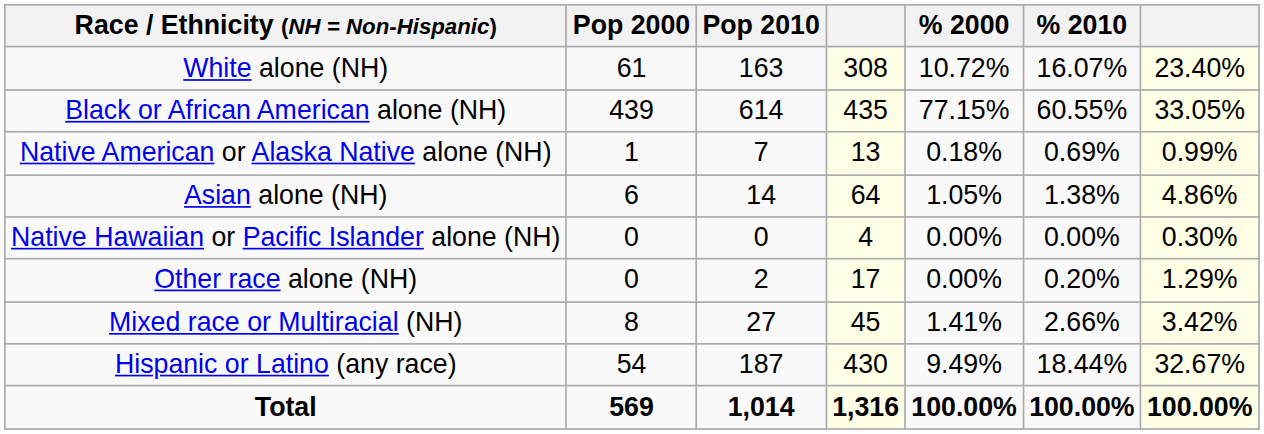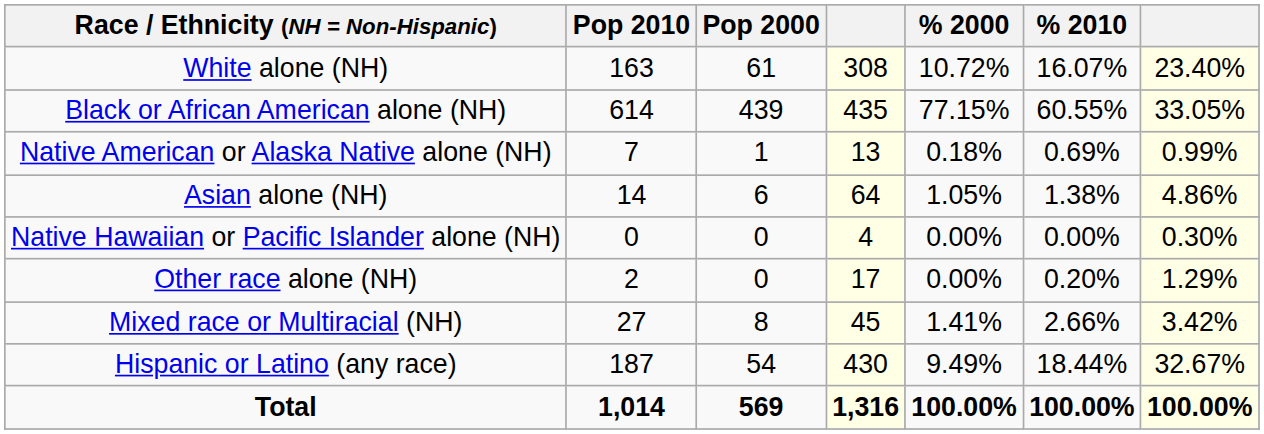 <table class="wikitable"  style="text-align:center;">
 <tr>
 <th>Race / Ethnicity <small>(<em>NH = Non-Hispanic</em>)</small></th>
+<th>Pop 2010</th>
 <th>Pop 2000</th>
-<th>Pop 2010</th>
 <th></th>
 <th>% 2000</th>
 <th>% 2010</th>
 <th></th>
 </tr>
 <tr>
 <td><a href='#'>White</a> alone (NH)</td>
+<td>163</td>
 <td>61</td>
-<td>163</td>
 <td style='background: #ffffe6;'>308</td>
 <td>10.72%</td>
 <td>16.07%</td>
 <td style='background: #ffffe6;'>23.40%</td>
 </tr>
 <tr>
 <td><a href='#'>Black or African American</a> alone (NH)</td>
+<td>614</td>
 <td>439</td>
-<td>614</td>
 <td style='background: #ffffe6;'>435</td>
 <td>77.15%</td>
 <td>60.55%</td>
 <td style='background: #ffffe6;'>33.05%</td>
 </tr>
 <tr>
 <td><a href='#'>Native American</a> or <a href='#'>Alaska Native</a> alone (NH)</td>
+<td>7</td>
 <td>1</td>
-<td>7</td>
 <td style='background: #ffffe6;'>13</td>
 <td>0.18%</td>
 <td>0.69%</td>
 <td style='background: #ffffe6;'>0.99%</td>
 </tr>
 <tr>
 <td><a href='#'>Asian</a> alone (NH)</td>
+<td>14</td>
 <td>6</td>
-<td>14</td>
 <td style='background: #ffffe6;'>64</td>
 <td>1.05%</td>
 <td>1.38%</td>
 <td style='background: #ffffe6;'>4.86%</td>
 </tr>
 <tr>
 <td><a href='#'>Native Hawaiian</a> or <a href='#'>Pacific Islander</a> alone (NH)</td>
 <td>0</td>
 <td>0</td>
 <td style='background: #ffffe6;'>4</td>
 <td>0.00%</td>
 <td>0.00%</td>
 <td style='background: #ffffe6;'>0.30%</td>
 </tr>
 <tr>
 <td><a href='#'>Other race</a> alone (NH)</td>
+<td>2</td>
 <td>0</td>
-<td>2</td>
 <td style='background: #ffffe6;'>17</td>
 <td>0.00%</td>
 <td>0.20%</td>
 <td style='background: #ffffe6;'>1.29%</td>
 </tr>
 <tr>
 <td><a href='#'>Mixed race or Multiracial</a> (NH)</td>
+<td>27</td>
 <td>8</td>
-<td>27</td>
 <td style='background: #ffffe6;'>45</td>
 <td>1.41%</td>
 <td>2.66%</td>
 <td style='background: #ffffe6;'>3.42%</td>
 </tr>
 <tr>
 <td><a href='#'>Hispanic or Latino</a> (any race)</td>
+<td>187</td>
 <td>54</td>
-<td>187</td>
 <td style='background: #ffffe6;'>430</td>
 <td>9.49%</td>
 <td>18.44%</td>
 <td style='background: #ffffe6;'>32.67%</td>
 </tr>
 <tr>
 <td><strong>Total</strong></td>
+<td><strong>1,014</strong></td>
 <td><strong>569</strong></td>
-<td><strong>1,014</strong></td>
 <td style='background: #ffffe6;'><strong>1,316</strong></td>
 <td><strong>100.00%</strong></td>
 <td><strong>100.00%</strong></td>
 <td style='background: #ffffe6;'><strong>100.00%</strong></td>
 </tr>
 </table>
